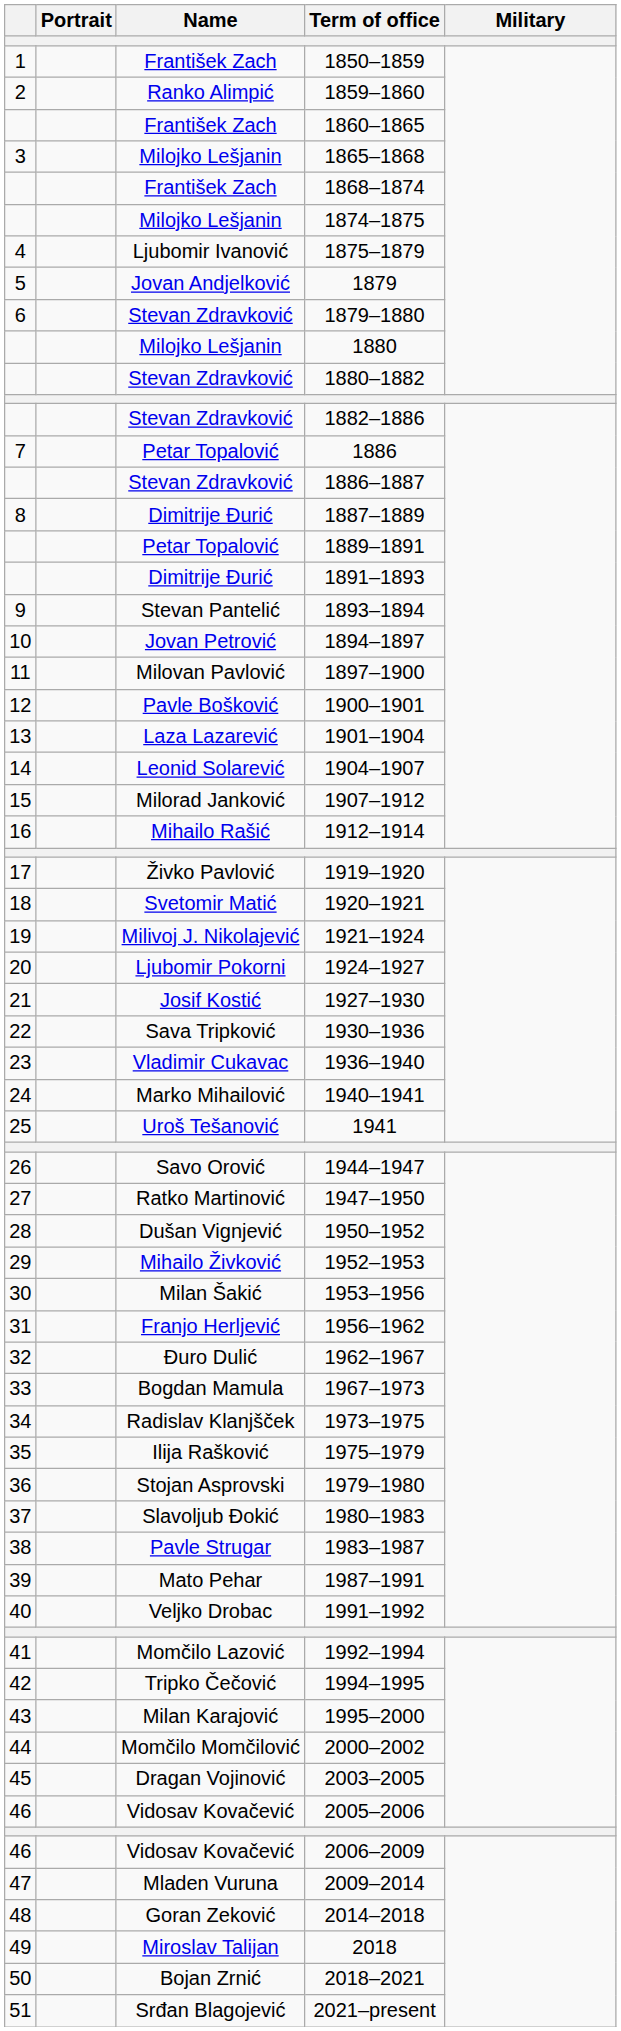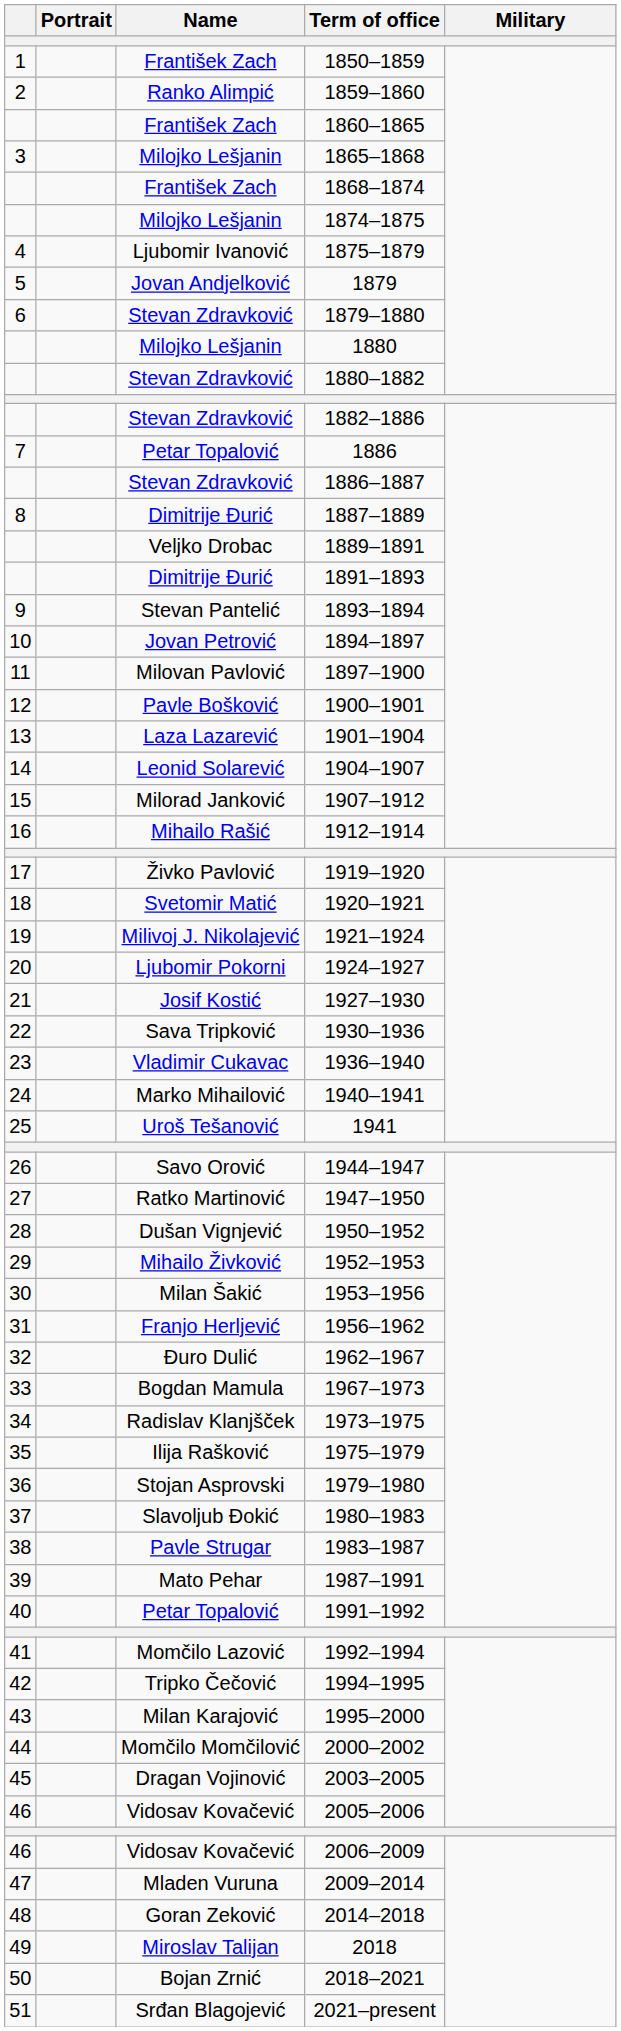 <table class="wikitable" style="text-align:center">
 <tr>
 <th></th>
 <th>Portrait</th>
 <th>Name</th>
 <th>Term of office</th>
 <th width=130>Military</th>
 </tr>
 <tr>
 <th colspan=5></th>
 </tr>
 <tr>
 <td>1</td>
 <td></td>
 <td><a href='#'>František Zach</a></td>
 <td>1850–1859</td>
 <td rowspan=11></td>
 </tr>
 <tr>
 <td>2</td>
 <td></td>
 <td><a href='#'>Ranko Alimpić</a></td>
 <td>1859–1860</td>
 </tr>
 <tr>
 <td></td>
 <td></td>
 <td><a href='#'>František Zach</a></td>
 <td>1860–1865</td>
 </tr>
 <tr>
 <td>3</td>
 <td></td>
 <td><a href='#'>Milojko Lešjanin</a></td>
 <td>1865–1868</td>
 </tr>
 <tr>
 <td></td>
 <td></td>
 <td><a href='#'>František Zach</a></td>
 <td>1868–1874</td>
 </tr>
 <tr>
 <td></td>
 <td></td>
 <td><a href='#'>Milojko Lešjanin</a></td>
 <td>1874–1875</td>
 </tr>
 <tr>
 <td>4</td>
 <td></td>
 <td>Ljubomir Ivanović</td>
 <td>1875–1879</td>
 </tr>
 <tr>
 <td>5</td>
 <td></td>
 <td><a href='#'>Jovan Andjelković</a></td>
 <td>1879</td>
 </tr>
 <tr>
 <td>6</td>
 <td></td>
 <td><a href='#'>Stevan Zdravković</a></td>
 <td>1879–1880</td>
 </tr>
 <tr>
 <td></td>
 <td></td>
 <td><a href='#'>Milojko Lešjanin</a></td>
 <td>1880</td>
 </tr>
 <tr>
 <td></td>
 <td></td>
 <td><a href='#'>Stevan Zdravković</a></td>
 <td>1880–1882</td>
 </tr>
 <tr>
 <th colspan=5></th>
 </tr>
 <tr>
 <td></td>
 <td></td>
 <td><a href='#'>Stevan Zdravković</a></td>
 <td>1882–1886</td>
 <td rowspan=14></td>
 </tr>
 <tr>
 <td>7</td>
 <td></td>
 <td><a href='#'>Petar Topalović</a></td>
 <td>1886</td>
 </tr>
 <tr>
 <td></td>
 <td></td>
 <td><a href='#'>Stevan Zdravković</a></td>
 <td>1886–1887</td>
 </tr>
 <tr>
 <td>8</td>
 <td></td>
 <td><a href='#'>Dimitrije Đurić</a></td>
 <td>1887–1889</td>
 </tr>
 <tr>
 <td></td>
 <td></td>
-<td><a href='#'>Petar Topalović</a></td>
+<td>Veljko Drobac</td>
 <td>1889–1891</td>
 </tr>
 <tr>
 <td></td>
 <td></td>
 <td><a href='#'>Dimitrije Đurić</a></td>
 <td>1891–1893</td>
 </tr>
 <tr>
 <td>9</td>
 <td></td>
 <td>Stevan Pantelić</td>
 <td>1893–1894</td>
 </tr>
 <tr>
 <td>10</td>
 <td></td>
 <td><a href='#'>Jovan Petrović</a></td>
 <td>1894–1897</td>
 </tr>
 <tr>
 <td>11</td>
 <td></td>
 <td>Milovan Pavlović</td>
 <td>1897–1900</td>
 </tr>
 <tr>
 <td>12</td>
 <td></td>
 <td><a href='#'>Pavle Bošković</a></td>
 <td>1900–1901</td>
 </tr>
 <tr>
 <td>13</td>
 <td></td>
 <td><a href='#'>Laza Lazarević</a></td>
 <td>1901–1904</td>
 </tr>
 <tr>
 <td>14</td>
 <td></td>
 <td><a href='#'>Leonid Solarević</a></td>
 <td>1904–1907</td>
 </tr>
 <tr>
 <td>15</td>
 <td></td>
 <td>Milorad Janković</td>
 <td>1907–1912</td>
 </tr>
 <tr>
 <td>16</td>
 <td></td>
 <td><a href='#'>Mihailo Rašić</a></td>
 <td>1912–1914</td>
 </tr>
 <tr>
 <th colspan=5></th>
 </tr>
 <tr>
 <td>17</td>
 <td></td>
 <td>Živko Pavlović</td>
 <td>1919–1920</td>
 <td rowspan=9></td>
 </tr>
 <tr>
 <td>18</td>
 <td></td>
 <td><a href='#'>Svetomir Matić</a></td>
 <td>1920–1921</td>
 </tr>
 <tr>
 <td>19</td>
 <td></td>
 <td><a href='#'>Milivoj J. Nikolajević</a></td>
 <td>1921–1924</td>
 </tr>
 <tr>
 <td>20</td>
 <td></td>
 <td><a href='#'>Ljubomir Pokorni</a></td>
 <td>1924–1927</td>
 </tr>
 <tr>
 <td>21</td>
 <td></td>
 <td><a href='#'>Josif Kostić</a></td>
 <td>1927–1930</td>
 </tr>
 <tr>
 <td>22</td>
 <td></td>
 <td>Sava Tripković</td>
 <td>1930–1936</td>
 </tr>
 <tr>
 <td>23</td>
 <td></td>
 <td><a href='#'>Vladimir Cukavac</a></td>
 <td>1936–1940</td>
 </tr>
 <tr>
 <td>24</td>
 <td></td>
 <td>Marko Mihailović</td>
 <td>1940–1941</td>
 </tr>
 <tr>
 <td>25</td>
 <td></td>
 <td><a href='#'>Uroš Tešanović</a></td>
 <td>1941</td>
 </tr>
 <tr>
 <th colspan=5></th>
 </tr>
 <tr>
 <td>26</td>
 <td></td>
 <td>Savo Orović</td>
 <td>1944–1947</td>
 <td rowspan=15></td>
 </tr>
 <tr>
 <td>27</td>
 <td></td>
 <td>Ratko Martinović</td>
 <td>1947–1950</td>
 </tr>
 <tr>
 <td>28</td>
 <td></td>
 <td>Dušan Vignjević</td>
 <td>1950–1952</td>
 </tr>
 <tr>
 <td>29</td>
 <td></td>
 <td><a href='#'>Mihailo Živković</a></td>
 <td>1952–1953</td>
 </tr>
 <tr>
 <td>30</td>
 <td></td>
 <td>Milan Šakić</td>
 <td>1953–1956</td>
 </tr>
 <tr>
 <td>31</td>
 <td></td>
 <td><a href='#'>Franjo Herljević</a></td>
 <td>1956–1962</td>
 </tr>
 <tr>
 <td>32</td>
 <td></td>
 <td>Đuro Dulić</td>
 <td>1962–1967</td>
 </tr>
 <tr>
 <td>33</td>
 <td></td>
 <td>Bogdan Mamula</td>
 <td>1967–1973</td>
 </tr>
 <tr>
 <td>34</td>
 <td></td>
 <td>Radislav Klanjšček</td>
 <td>1973–1975</td>
 </tr>
 <tr>
 <td>35</td>
 <td></td>
 <td>Ilija Rašković</td>
 <td>1975–1979</td>
 </tr>
 <tr>
 <td>36</td>
 <td></td>
 <td>Stojan Asprovski</td>
 <td>1979–1980</td>
 </tr>
 <tr>
 <td>37</td>
 <td></td>
 <td>Slavoljub Đokić</td>
 <td>1980–1983</td>
 </tr>
 <tr>
 <td>38</td>
 <td></td>
 <td><a href='#'>Pavle Strugar</a></td>
 <td>1983–1987</td>
 </tr>
 <tr>
 <td>39</td>
 <td></td>
 <td>Mato Pehar</td>
 <td>1987–1991</td>
 </tr>
 <tr>
 <td>40</td>
 <td></td>
-<td>Veljko Drobac</td>
+<td><a href='#'>Petar Topalović</a></td>
 <td>1991–1992</td>
 </tr>
 <tr>
 <th colspan=5></th>
 </tr>
 <tr>
 <td>41</td>
 <td></td>
 <td>Momčilo Lazović</td>
 <td>1992–1994</td>
 <td rowspan=6></td>
 </tr>
 <tr>
 <td>42</td>
 <td></td>
 <td>Tripko Čečović</td>
 <td>1994–1995</td>
 </tr>
 <tr>
 <td>43</td>
 <td></td>
 <td>Milan Karajović</td>
 <td>1995–2000</td>
 </tr>
 <tr>
 <td>44</td>
 <td></td>
 <td>Momčilo Momčilović</td>
 <td>2000–2002</td>
 </tr>
 <tr>
 <td>45</td>
 <td></td>
 <td>Dragan Vojinović</td>
 <td>2003–2005</td>
 </tr>
 <tr>
 <td>46</td>
 <td></td>
 <td>Vidosav Kovačević</td>
 <td>2005–2006</td>
 </tr>
 <tr>
 <th colspan=5></th>
 </tr>
 <tr>
 <td>46</td>
 <td></td>
 <td>Vidosav Kovačević</td>
 <td>2006–2009</td>
 <td rowspan=6></td>
 </tr>
 <tr>
 <td>47</td>
 <td></td>
 <td>Mladen Vuruna</td>
 <td>2009–2014</td>
 </tr>
 <tr>
 <td>48</td>
 <td></td>
 <td>Goran Zeković</td>
 <td>2014–2018</td>
 </tr>
 <tr>
 <td>49</td>
 <td></td>
 <td><a href='#'>Miroslav Talijan</a></td>
 <td>2018</td>
 </tr>
 <tr>
 <td>50</td>
 <td></td>
 <td>Bojan Zrnić</td>
 <td>2018–2021</td>
 </tr>
 <tr>
 <td>51</td>
 <td></td>
 <td>Srđan Blagojević</td>
 <td>2021–present</td>
 </tr>
 </table>
